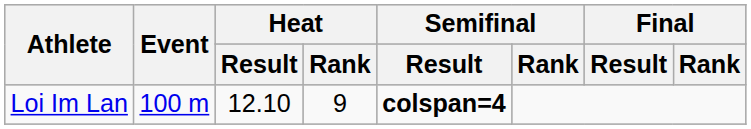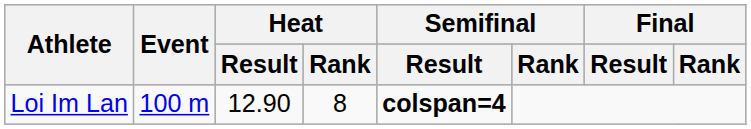 <table class="wikitable">
 <tr>
 <th rowspan="2">Athlete</th>
 <th rowspan="2">Event</th>
 <th colspan="2">Heat</th>
 <th colspan="2">Semifinal</th>
 <th colspan="2">Final</th>
 </tr>
 <tr>
 <th>Result</th>
 <th>Rank</th>
 <th>Result</th>
 <th>Rank</th>
 <th>Result</th>
 <th>Rank</th>
 </tr>
 <tr style=text-align:center>
 <td style=text-align:left><a href='#'>Loi Im Lan</a></td>
 <td style=text-align:left><a href='#'>100 m</a></td>
-<td>12.10</td>
-<td>9</td>
+<td>12.90</td>
+<td>8</td>
 <td><strong>colspan=4 </strong></td>
 </tr>
 </table>
